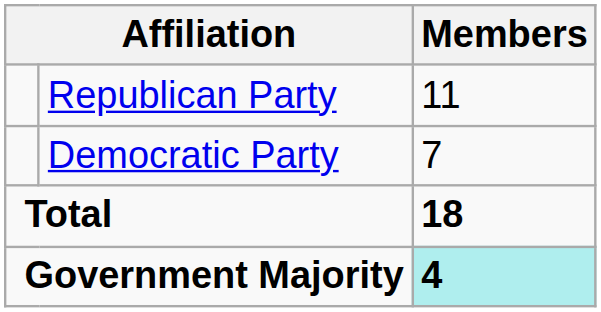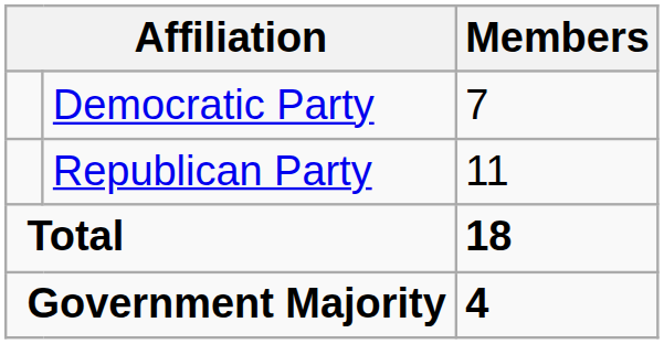 <table class="wikitable">
 <tr>
 <th colspan="2">Affiliation</th>
 <th>Members</th>
 </tr>
 <tr>
 <td style="background-color:"> </td>
-<td><a href='#'>Republican Party</a></td>
-<td>11</td>
+<td><a href='#'>Democratic Party</a></td>
+<td>7</td>
 </tr>
 <tr>
 <td style="background-color:"> </td>
-<td><a href='#'>Democratic Party</a></td>
-<td>7</td>
+<td><a href='#'>Republican Party</a></td>
+<td>11</td>
 </tr>
 <tr>
 <td colspan="2" rowspan="1"> <strong>Total</strong><br></td>
 <td><strong>18</strong></td>
 </tr>
 <tr>
 <td colspan="2" rowspan="1"> <strong>Government Majority</strong><br></td>
-<td style="background: paleturquoise;"><strong>4</strong></td>
+<td><strong>4</strong></td>
 </tr>
 </table>
